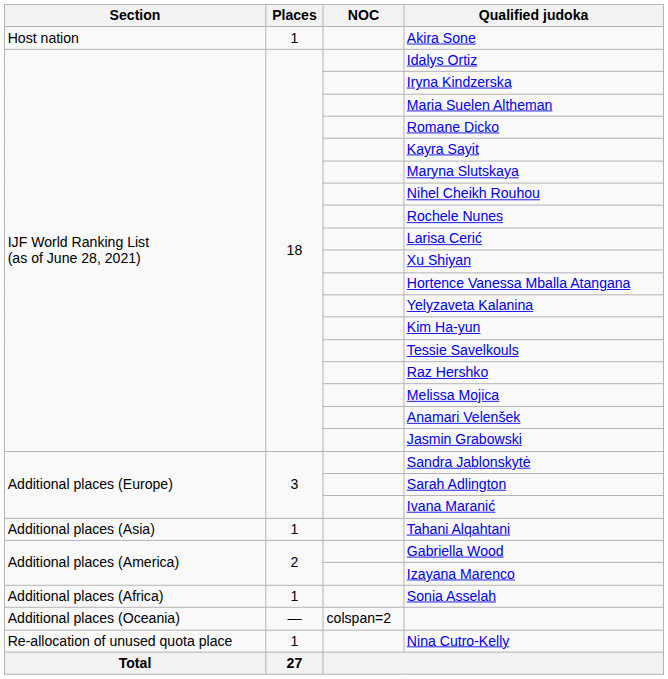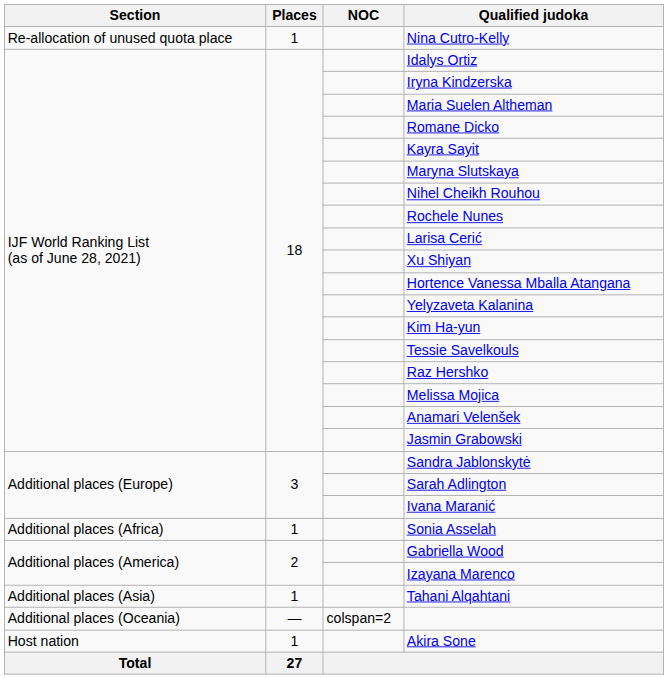 <table class="wikitable"  width=750>
 <tr>
 <th>Section</th>
 <th>Places</th>
 <th>NOC</th>
 <th>Qualified judoka</th>
 </tr>
 <tr>
-<td>Host nation</td>
-<td align=center>1</td>
+<td rowspan=1>Re-allocation of unused quota place</td>
+<td rowspan=1 align=center>1</td>
 <td></td>
-<td><a href='#'>Akira Sone</a></td>
+<td><a href='#'>Nina Cutro-Kelly</a></td>
 </tr>
 <tr>
 <td rowspan=18>IJF World Ranking List<br>(as of June 28, 2021)</td>
 <td rowspan=18 align=center>18</td>
 <td></td>
 <td><a href='#'>Idalys Ortiz</a></td>
 </tr>
 <tr>
 <td></td>
 <td><a href='#'>Iryna Kindzerska</a></td>
 </tr>
 <tr>
 <td></td>
 <td><a href='#'>Maria Suelen Altheman</a></td>
 </tr>
 <tr>
 <td></td>
 <td><a href='#'>Romane Dicko</a></td>
 </tr>
 <tr>
 <td></td>
 <td><a href='#'>Kayra Sayit</a></td>
 </tr>
 <tr>
 <td></td>
 <td><a href='#'>Maryna Slutskaya</a></td>
 </tr>
 <tr>
 <td></td>
 <td><a href='#'>Nihel Cheikh Rouhou</a></td>
 </tr>
 <tr>
 <td></td>
 <td><a href='#'>Rochele Nunes</a></td>
 </tr>
 <tr>
 <td></td>
 <td><a href='#'>Larisa Cerić</a></td>
 </tr>
 <tr>
 <td></td>
 <td><a href='#'>Xu Shiyan</a></td>
 </tr>
 <tr>
 <td></td>
 <td><a href='#'>Hortence Vanessa Mballa Atangana</a></td>
 </tr>
 <tr>
 <td></td>
 <td><a href='#'>Yelyzaveta Kalanina</a></td>
 </tr>
 <tr>
 <td></td>
 <td><a href='#'>Kim Ha-yun</a></td>
 </tr>
 <tr>
 <td></td>
 <td><a href='#'>Tessie Savelkouls</a></td>
 </tr>
 <tr>
 <td></td>
 <td><a href='#'>Raz Hershko</a></td>
 </tr>
 <tr>
 <td></td>
 <td><a href='#'>Melissa Mojica</a></td>
 </tr>
 <tr>
 <td></td>
 <td><a href='#'>Anamari Velenšek</a></td>
 </tr>
 <tr>
 <td></td>
 <td><a href='#'>Jasmin Grabowski</a></td>
 </tr>
 <tr>
 <td rowspan=3>Additional places (Europe)</td>
 <td rowspan=3 align=center>3</td>
 <td></td>
 <td><a href='#'>Sandra Jablonskytė</a></td>
 </tr>
 <tr>
 <td></td>
 <td><a href='#'>Sarah Adlington</a></td>
 </tr>
 <tr>
 <td></td>
 <td><a href='#'>Ivana Maranić</a></td>
 </tr>
 <tr>
-<td>Additional places (Asia)</td>
+<td>Additional places (Africa)</td>
 <td align=center>1</td>
 <td></td>
-<td><a href='#'>Tahani Alqahtani</a></td>
+<td><a href='#'>Sonia Asselah</a></td>
 </tr>
 <tr>
 <td rowspan=2>Additional places (America)</td>
 <td rowspan=2 align=center>2</td>
 <td></td>
 <td><a href='#'>Gabriella Wood</a></td>
 </tr>
 <tr>
 <td></td>
 <td><a href='#'>Izayana Marenco</a></td>
 </tr>
 <tr>
-<td>Additional places (Africa)</td>
+<td>Additional places (Asia)</td>
 <td align=center>1</td>
 <td></td>
-<td><a href='#'>Sonia Asselah</a></td>
+<td><a href='#'>Tahani Alqahtani</a></td>
 </tr>
 <tr>
 <td>Additional places (Oceania)</td>
 <td align=center>—</td>
 <td>colspan=2 </td>
 </tr>
 <tr>
-<td rowspan=1>Re-allocation of unused quota place</td>
-<td rowspan=1 align=center>1</td>
+<td>Host nation</td>
+<td align=center>1</td>
 <td></td>
-<td><a href='#'>Nina Cutro-Kelly</a></td>
+<td><a href='#'>Akira Sone</a></td>
 </tr>
 <tr>
 <th>Total</th>
 <th>27</th>
 <th colspan=2></th>
 </tr>
 </table>
